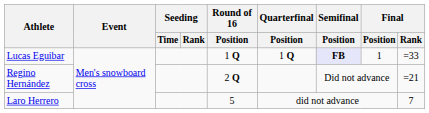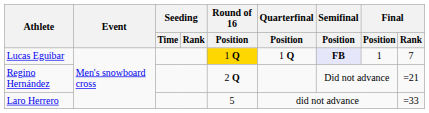 <table class="wikitable" style="font-size:90%">
 <tr>
 <th rowspan=2>Athlete</th>
 <th rowspan=2>Event</th>
 <th colspan=2>Seeding</th>
 <th>Round of 16</th>
 <th>Quarterfinal</th>
 <th>Semifinal</th>
 <th colspan=2>Final</th>
 </tr>
 <tr style="font-size:95%">
 <th>Time</th>
 <th>Rank</th>
 <th>Position</th>
 <th>Position</th>
 <th>Position</th>
 <th>Position</th>
 <th>Rank</th>
 </tr>
 <tr align=center>
 <td align=left><a href='#'>Lucas Eguibar</a></td>
 <td align=left rowspan=3><a href='#'>Men's snowboard cross</a></td>
 <td colspan=2></td>
-<td>1 <strong>Q</strong></td>
+<td style="background: gold;">1 <strong>Q</strong></td>
 <td>1 <strong>Q</strong></td>
 <td style="background: lavender;"> <strong>FB</strong></td>
 <td>1</td>
-<td>=33</td>
+<td>7</td>
 </tr>
 <tr align=center>
 <td align=left><a href='#'>Regino Hernández</a></td>
 <td colspan=2></td>
 <td>2 <strong>Q</strong></td>
 <td></td>
 <td colspan=2>Did not advance</td>
 <td>=21</td>
 </tr>
 <tr align=center>
 <td align=left><a href='#'>Laro Herrero</a></td>
 <td colspan=2></td>
 <td>5</td>
 <td colspan=3>did not advance</td>
-<td>7</td>
+<td>=33</td>
 </tr>
 </table>
